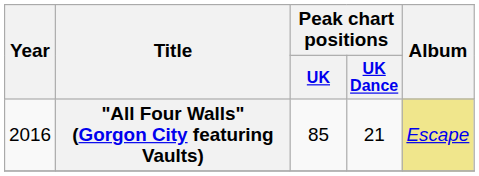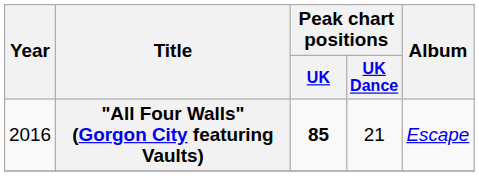 <table class="wikitable plainrowheaders" style="text-align:center;">
 <tr>
 <th scope="col" rowspan="2" style="width:1em;">Year</th>
 <th scope="col" rowspan="2" style="width:12em;">Title</th>
 <th scope="col" colspan="2">Peak chart positions</th>
 <th scope="col" rowspan="2">Album</th>
 </tr>
 <tr>
 <th scope="col" style="width:3em;font-size:85%;"><a href='#'>UK</a></th>
 <th scope="col" style="width:3em;font-size:85%;"><a href='#'>UK Dance</a></th>
 </tr>
 <tr>
 <td>2016</td>
 <th scope="row">"All Four Walls"<br><span>(<a href='#'>Gorgon City</a> featuring Vaults)</span></th>
-<td>85</td>
+<td><strong>85</strong></td>
 <td>21</td>
-<td style="background: khaki;"><em><a href='#'>Escape</a></em></td>
+<td><em><a href='#'>Escape</a></em></td>
 </tr>
 <tr>
 </tr>
 </table>
